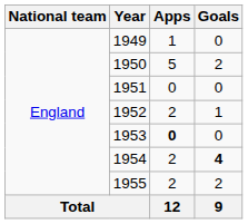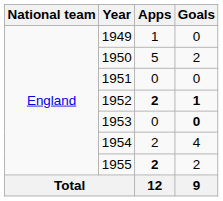 <table class="wikitable" style="text-align:center">
 <tr>
 <th>National team</th>
 <th>Year</th>
 <th>Apps</th>
 <th>Goals</th>
 </tr>
 <tr>
 <td rowspan="7"><a href='#'>England</a></td>
 <td>1949</td>
 <td>1</td>
 <td>0</td>
 </tr>
 <tr>
 <td>1950</td>
 <td>5</td>
 <td>2</td>
 </tr>
 <tr>
 <td>1951</td>
 <td>0</td>
 <td>0</td>
 </tr>
 <tr>
 <td>1952</td>
-<td>2</td>
-<td>1</td>
+<td><strong>2</strong></td>
+<td><strong>1</strong></td>
 </tr>
 <tr>
 <td>1953</td>
+<td>0</td>
 <td><strong>0</strong></td>
-<td>0</td>
 </tr>
 <tr>
 <td>1954</td>
 <td>2</td>
-<td><strong>4</strong></td>
+<td>4</td>
 </tr>
 <tr>
 <td>1955</td>
-<td>2</td>
+<td><strong>2</strong></td>
 <td>2</td>
 </tr>
 <tr>
 <th colspan="2">Total</th>
 <th>12</th>
 <th>9</th>
 </tr>
 </table>
